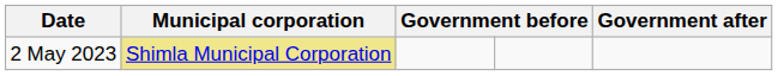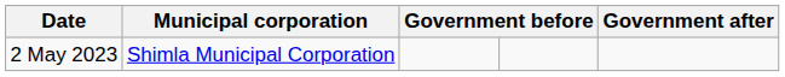 <table class="wikitable sortable">
 <tr>
 <th>Date</th>
 <th>Municipal corporation</th>
 <th colspan="2">Government before</th>
 <th colspan=2>Government after</th>
 </tr>
 <tr>
 <td>2 May 2023</td>
-<td style="background: khaki;"><a href='#'>Shimla Municipal Corporation</a></td>
+<td><a href='#'>Shimla Municipal Corporation</a></td>
 <td></td>
 <td></td>
 </tr>
 </table>
